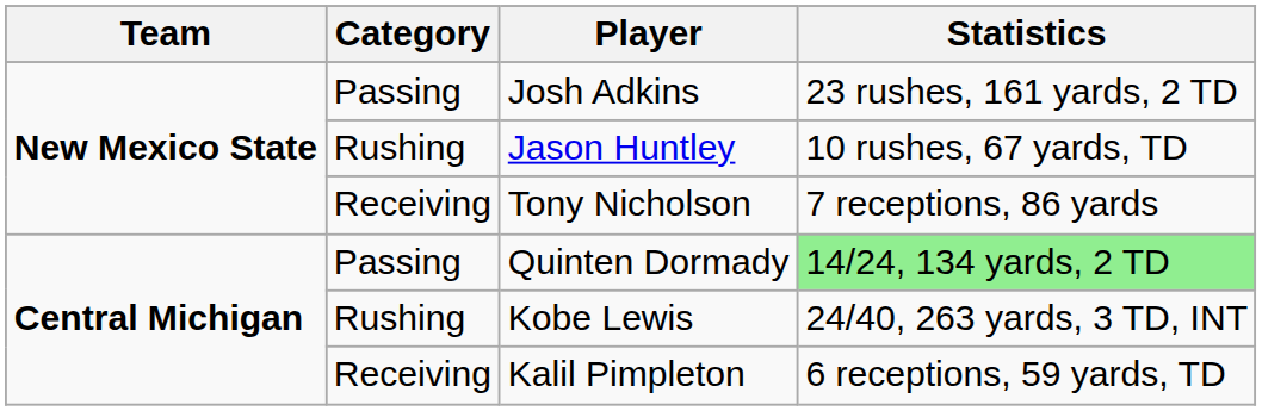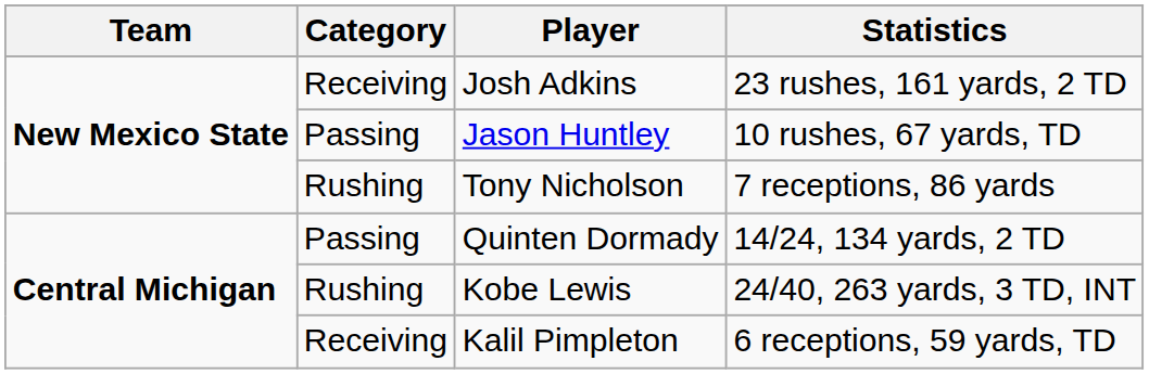 <table class="wikitable" style="float: left;">
 <tr>
 <th>Team</th>
 <th>Category</th>
 <th>Player</th>
 <th>Statistics</th>
 </tr>
 <tr>
 <td rowspan=3><strong>New Mexico State</strong></td>
-<td>Passing</td>
+<td>Receiving</td>
 <td>Josh Adkins</td>
 <td>23 rushes, 161 yards, 2 TD</td>
 </tr>
 <tr>
-<td>Rushing</td>
+<td>Passing</td>
 <td><a href='#'>Jason Huntley</a></td>
 <td>10 rushes, 67 yards, TD</td>
 </tr>
 <tr>
-<td>Receiving</td>
+<td>Rushing</td>
 <td>Tony Nicholson</td>
 <td>7 receptions, 86 yards</td>
 </tr>
 <tr>
 <td rowspan=3><strong>Central Michigan</strong></td>
 <td>Passing</td>
 <td>Quinten Dormady</td>
-<td style="background: lightgreen;">14/24, 134 yards, 2 TD</td>
+<td>14/24, 134 yards, 2 TD</td>
 </tr>
 <tr>
 <td>Rushing</td>
 <td>Kobe Lewis</td>
 <td>24/40, 263 yards, 3 TD, INT</td>
 </tr>
 <tr>
 <td>Receiving</td>
 <td>Kalil Pimpleton</td>
 <td>6 receptions, 59 yards, TD</td>
 </tr>
 </table>
